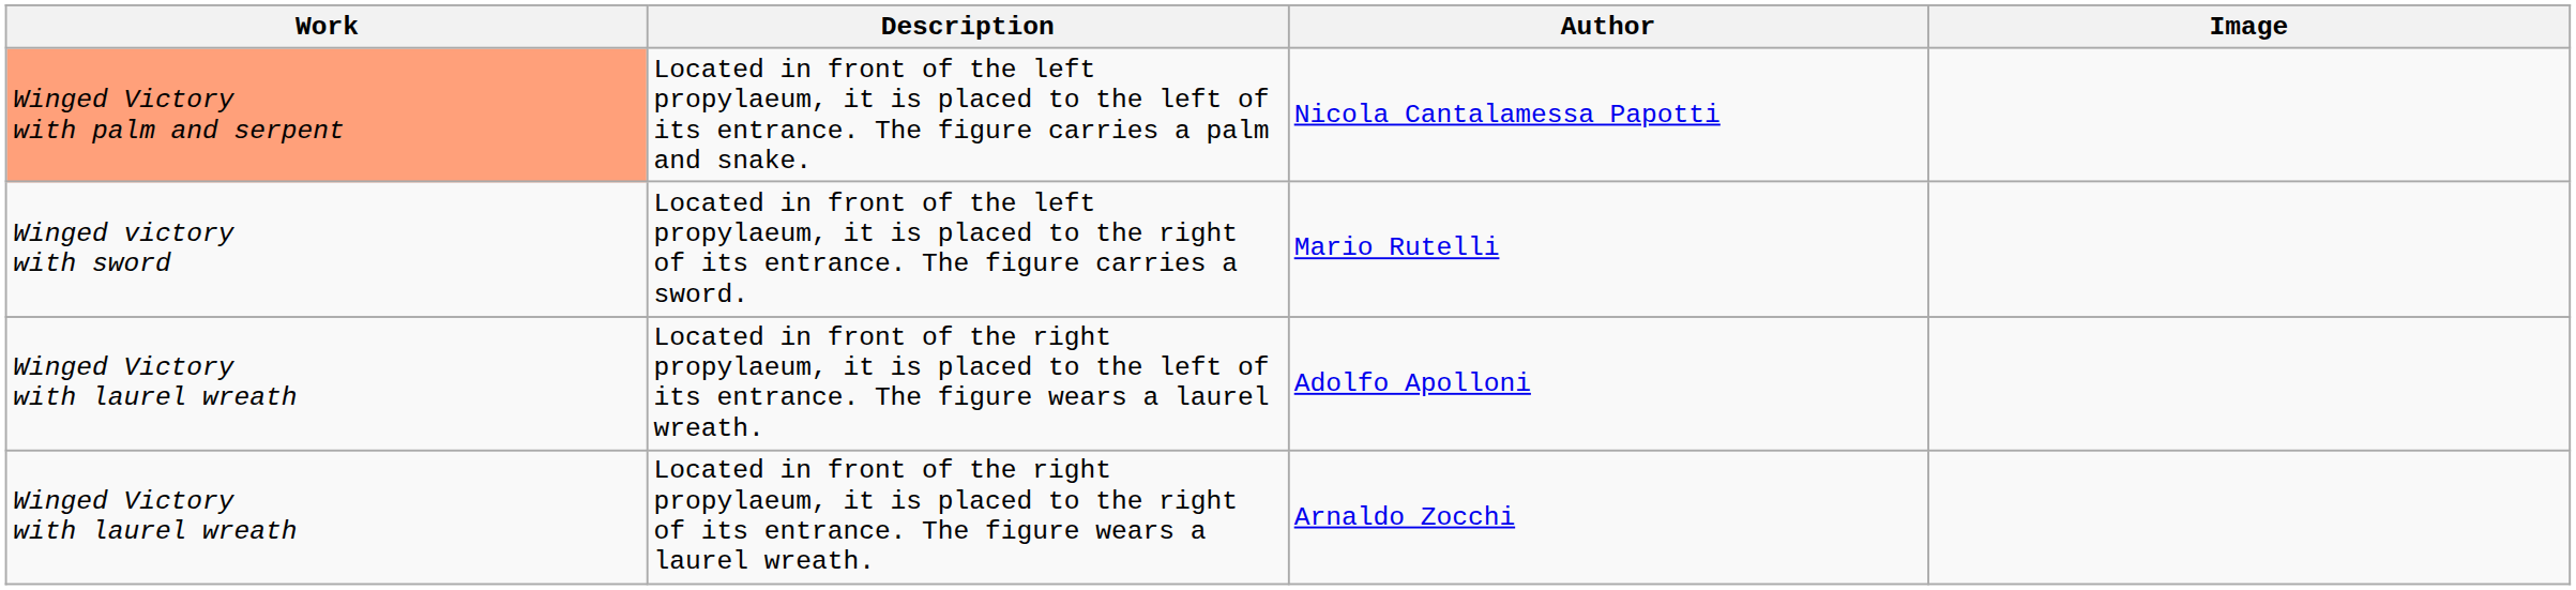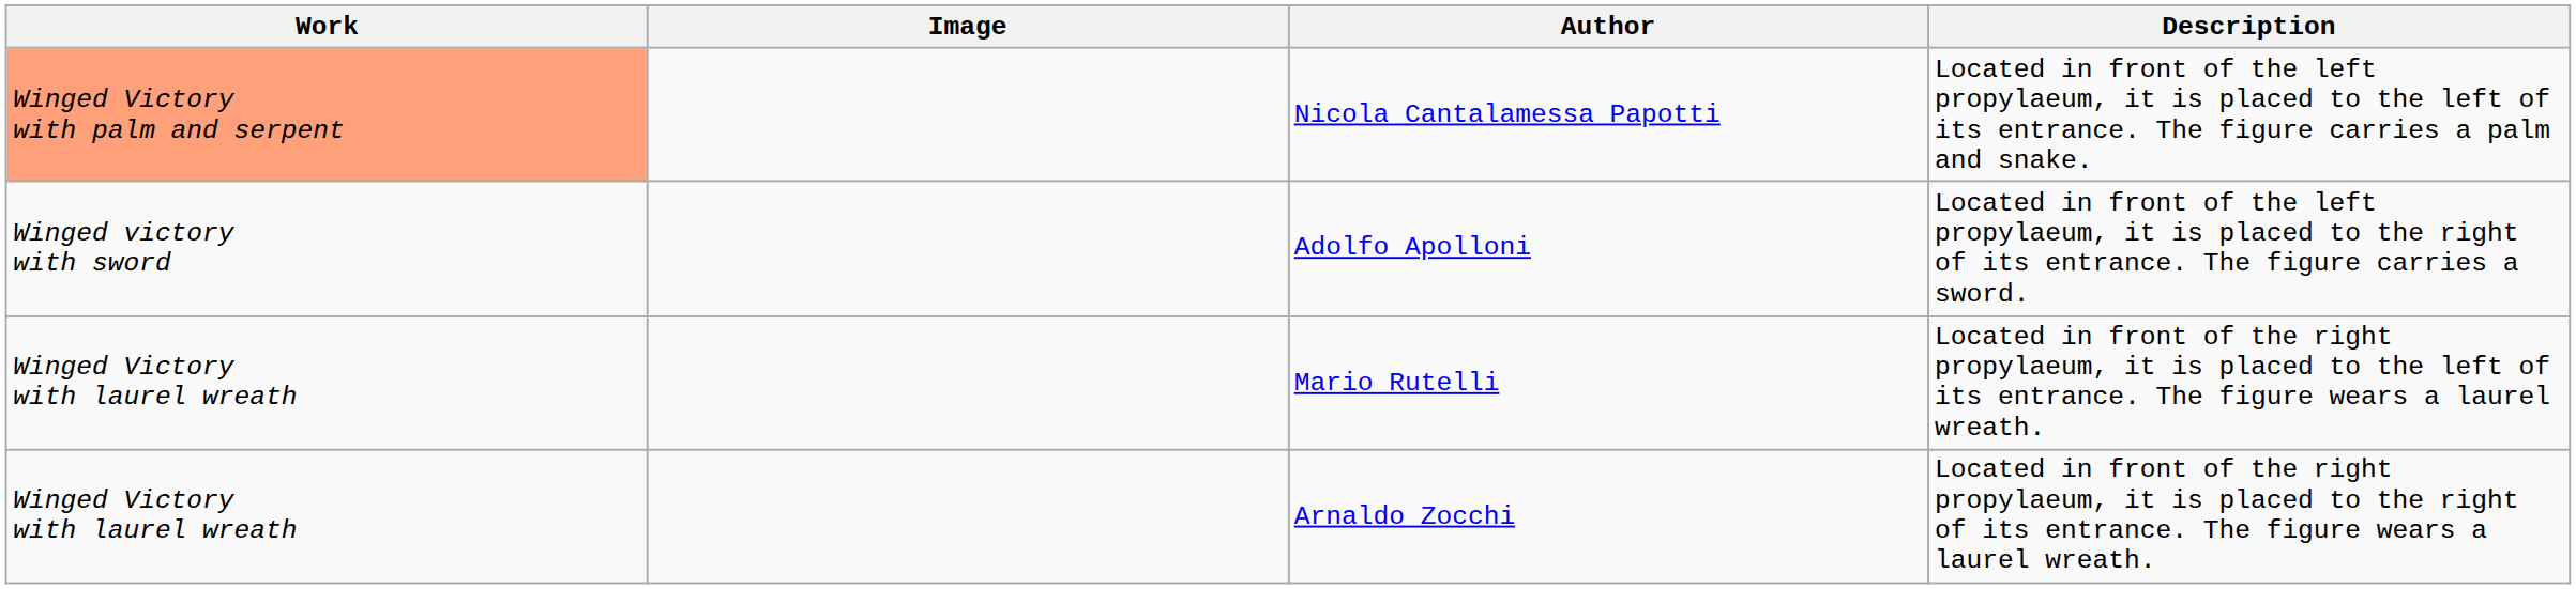 <table class="wikitable" style="text-align: center; width:80%; margin-left:auto; margin-right:auto;">
 <tr>
 <th width=130>Work</th>
+<th width=130>Image</th>
+<th width=130>Author</th>
 <th width=130>Description</th>
-<th width=130>Author</th>
-<th width=130>Image</th>
 </tr>
 <tr>
 <td align="left" style="background: lightsalmon;"><em>Winged Victory<br>with palm and serpent</em></td>
+<td></td>
+<td align="left"><a href='#'>Nicola Cantalamessa Papotti</a></td>
 <td align="left">Located in front of the left propylaeum, it is placed to the left of its entrance. The figure carries a palm and snake.</td>
-<td align="left"><a href='#'>Nicola Cantalamessa Papotti</a></td>
-<td></td>
 </tr>
 <tr>
 <td align="left"><em>Winged victory<br>with sword</em></td>
+<td></td>
+<td align="left"><a href='#'>Adolfo Apolloni</a></td>
 <td align="left">Located in front of the left propylaeum, it is placed to the right of its entrance. The figure carries a sword.</td>
-<td align="left"><a href='#'>Mario Rutelli</a></td>
-<td></td>
 </tr>
 <tr>
 <td align="left"><em>Winged Victory<br>with laurel wreath</em></td>
+<td></td>
+<td align="left"><a href='#'>Mario Rutelli</a></td>
 <td align="left">Located in front of the right propylaeum, it is placed to the left of its entrance. The figure wears a laurel wreath.</td>
-<td align="left"><a href='#'>Adolfo Apolloni</a></td>
-<td></td>
 </tr>
 <tr>
 <td align="left"><em>Winged Victory<br>with laurel wreath</em></td>
+<td></td>
+<td align="left"><a href='#'>Arnaldo Zocchi</a></td>
 <td align="left">Located in front of the right propylaeum, it is placed to the right of its entrance. The figure wears a laurel wreath.</td>
-<td align="left"><a href='#'>Arnaldo Zocchi</a></td>
-<td></td>
 </tr>
 </table>
